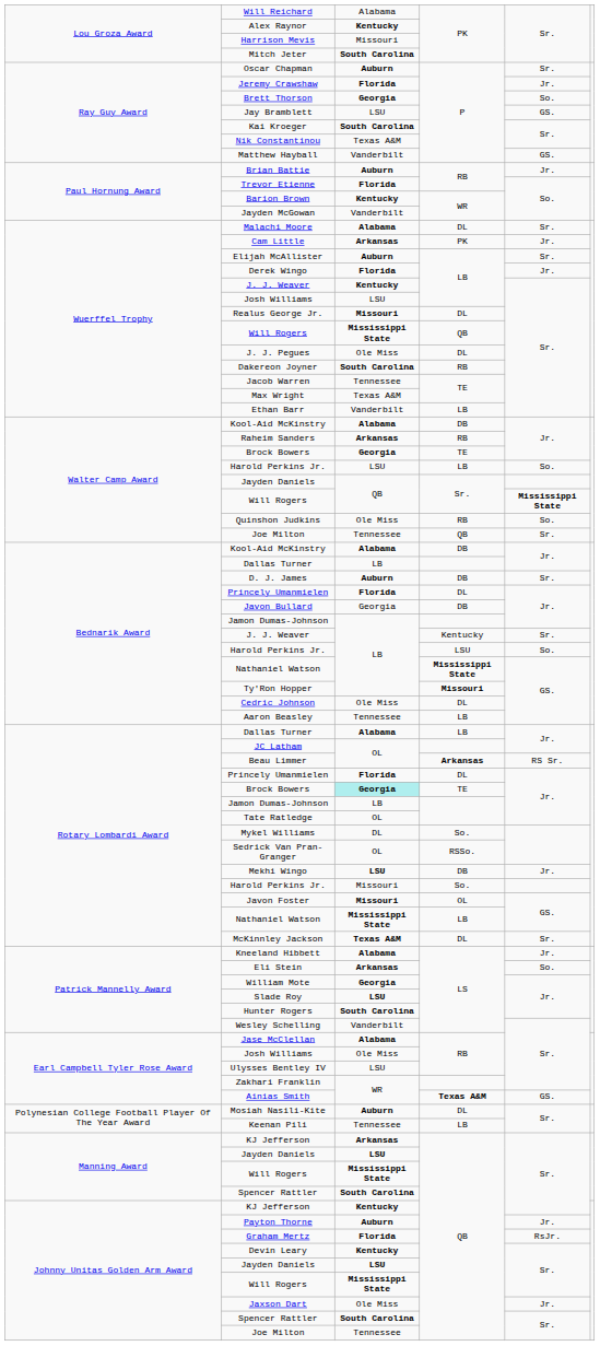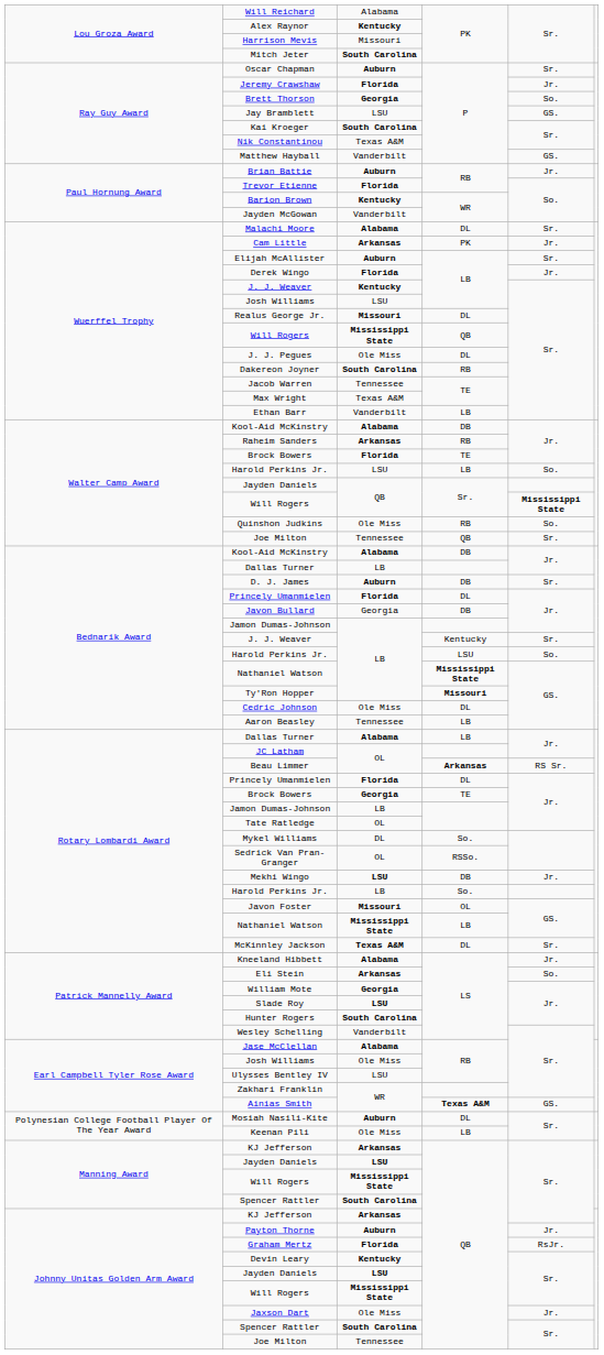 <table class="wikitable" style="text-align:center;">
 <tr>
 <td rowspan=4><a href='#'>Lou Groza Award</a></td>
 <td><a href='#'>Will Reichard</a></td>
 <td>Alabama</td>
 <td rowspan=4>PK</td>
 <td rowspan=4>Sr.</td>
 <td rowspan=4></td>
 </tr>
 <tr>
 <td>Alex Raynor</td>
 <td><strong>Kentucky</strong></td>
 </tr>
 <tr>
 <td><a href='#'>Harrison Mevis</a></td>
 <td>Missouri</td>
 </tr>
 <tr>
 <td>Mitch Jeter</td>
 <td><strong>South Carolina</strong></td>
 </tr>
 <tr>
 <td rowspan=7><a href='#'>Ray Guy Award</a></td>
 <td>Oscar Chapman</td>
 <td><strong>Auburn</strong></td>
 <td rowspan=7>P</td>
 <td>Sr.</td>
 <td rowspan=7></td>
 </tr>
 <tr>
 <td><a href='#'>Jeremy Crawshaw</a></td>
 <td><strong>Florida</strong></td>
 <td>Jr.</td>
 </tr>
 <tr>
 <td><a href='#'>Brett Thorson</a></td>
 <td><strong>Georgia</strong></td>
 <td>So.</td>
 </tr>
 <tr>
 <td>Jay Bramblett</td>
 <td>LSU</td>
 <td>GS.</td>
 </tr>
 <tr>
 <td>Kai Kroeger</td>
 <td><strong>South Carolina</strong></td>
 <td rowspan=2>Sr.</td>
 </tr>
 <tr>
 <td><a href='#'>Nik Constantinou</a></td>
 <td>Texas A&M</td>
 </tr>
 <tr>
 <td>Matthew Hayball</td>
 <td>Vanderbilt</td>
 <td>GS.</td>
 </tr>
 <tr>
 <td rowspan=4><a href='#'>Paul Hornung Award</a></td>
 <td><a href='#'>Brian Battie</a></td>
 <td><strong>Auburn</strong></td>
 <td rowspan=2>RB</td>
 <td>Jr.</td>
 <td rowspan=4></td>
 </tr>
 <tr>
 <td><a href='#'>Trevor Etienne</a></td>
 <td><strong>Florida</strong></td>
 <td rowspan=3>So.</td>
 </tr>
 <tr>
 <td><a href='#'>Barion Brown</a></td>
 <td><strong>Kentucky</strong></td>
 <td rowspan=2>WR</td>
 </tr>
 <tr>
 <td>Jayden McGowan</td>
 <td>Vanderbilt</td>
 </tr>
 <tr>
 <td rowspan=13><a href='#'>Wuerffel Trophy</a></td>
 <td><a href='#'>Malachi Moore</a></td>
 <td><strong>Alabama</strong></td>
 <td>DL</td>
 <td>Sr.</td>
 <td rowspan=13></td>
 </tr>
 <tr>
 <td><a href='#'>Cam Little</a></td>
 <td><strong>Arkansas</strong></td>
 <td>PK</td>
 <td>Jr.</td>
 </tr>
 <tr>
 <td>Elijah McAllister</td>
 <td><strong>Auburn</strong></td>
 <td rowspan=4>LB</td>
 <td>Sr.</td>
 </tr>
 <tr>
 <td>Derek Wingo</td>
 <td><strong>Florida</strong></td>
 <td>Jr.</td>
 </tr>
 <tr>
 <td><a href='#'>J. J. Weaver</a></td>
 <td><strong>Kentucky</strong></td>
 <td rowspan=9>Sr.</td>
 </tr>
 <tr>
 <td>Josh Williams</td>
 <td>LSU</td>
 </tr>
 <tr>
 <td>Realus George Jr.</td>
 <td><strong>Missouri</strong></td>
 <td>DL</td>
 </tr>
 <tr>
 <td><a href='#'>Will Rogers</a></td>
 <td><strong>Mississippi State</strong></td>
 <td>QB</td>
 </tr>
 <tr>
 <td>J. J. Pegues</td>
 <td>Ole Miss</td>
 <td>DL</td>
 </tr>
 <tr>
 <td>Dakereon Joyner</td>
 <td><strong>South Carolina</strong></td>
 <td>RB</td>
 </tr>
 <tr>
 <td>Jacob Warren</td>
 <td>Tennessee</td>
 <td rowspan=2>TE</td>
 </tr>
 <tr>
 <td>Max Wright</td>
 <td>Texas A&M</td>
 </tr>
 <tr>
 <td>Ethan Barr</td>
 <td>Vanderbilt</td>
 <td>LB</td>
 </tr>
 <tr>
 <td rowspan=8><a href='#'>Walter Camp Award</a></td>
 <td>Kool-Aid McKinstry</td>
 <td><strong>Alabama</strong></td>
 <td>DB</td>
 <td rowspan=3>Jr.</td>
 <td rowspan=8></td>
 </tr>
 <tr>
 <td>Raheim Sanders</td>
 <td><strong>Arkansas</strong></td>
 <td>RB</td>
 </tr>
 <tr>
 <td>Brock Bowers</td>
-<td><strong>Georgia</strong></td>
+<td><strong>Florida</strong></td>
 <td>TE</td>
 </tr>
 <tr>
 <td>Harold Perkins Jr.</td>
 <td>LSU</td>
 <td>LB</td>
 <td>So.</td>
 </tr>
 <tr>
 <td>Jayden Daniels</td>
 <td rowspan=2>QB</td>
 <td rowspan=2>Sr.</td>
 </tr>
 <tr>
 <td>Will Rogers</td>
 <td><strong>Mississippi State</strong></td>
 </tr>
 <tr>
 <td>Quinshon Judkins</td>
 <td>Ole Miss</td>
 <td>RB</td>
 <td>So.</td>
 </tr>
 <tr>
 <td>Joe Milton</td>
 <td>Tennessee</td>
 <td>QB</td>
 <td>Sr.</td>
 </tr>
 <tr>
 <td rowspan=12><a href='#'>Bednarik Award</a></td>
 <td>Kool-Aid McKinstry</td>
 <td><strong>Alabama</strong></td>
 <td>DB</td>
 <td rowspan=2>Jr.</td>
 <td rowspan=12></td>
 </tr>
 <tr>
 <td>Dallas Turner</td>
 <td>LB</td>
 </tr>
 <tr>
 <td>D. J. James</td>
 <td><strong>Auburn</strong></td>
 <td>DB</td>
 <td>Sr.</td>
 </tr>
 <tr>
 <td><a href='#'>Princely Umanmielen</a></td>
 <td><strong>Florida</strong></td>
 <td>DL</td>
 <td rowspan=3>Jr.</td>
 </tr>
 <tr>
 <td><a href='#'>Javon Bullard</a></td>
 <td>Georgia</td>
 <td>DB</td>
 </tr>
 <tr>
 <td>Jamon Dumas-Johnson</td>
 <td rowspan=5>LB</td>
 </tr>
 <tr>
 <td>J. J. Weaver</td>
 <td>Kentucky</td>
 <td>Sr.</td>
 </tr>
 <tr>
 <td>Harold Perkins Jr.</td>
 <td>LSU</td>
 <td>So.</td>
 </tr>
 <tr>
 <td>Nathaniel Watson</td>
 <td><strong>Mississippi State</strong></td>
 <td rowspan=4>GS.</td>
 </tr>
 <tr>
 <td>Ty'Ron Hopper</td>
 <td><strong>Missouri</strong></td>
 </tr>
 <tr>
 <td><a href='#'>Cedric Johnson</a></td>
 <td>Ole Miss</td>
 <td>DL</td>
 </tr>
 <tr>
 <td>Aaron Beasley</td>
 <td>Tennessee</td>
 <td>LB</td>
 </tr>
 <tr>
 <td rowspan=14><a href='#'>Rotary Lombardi Award</a></td>
 <td>Dallas Turner</td>
 <td><strong>Alabama</strong></td>
 <td>LB</td>
 <td rowspan=2>Jr.</td>
 <td rowspan=14></td>
 </tr>
 <tr>
 <td><a href='#'>JC Latham</a></td>
 <td rowspan=2>OL</td>
 </tr>
 <tr>
 <td>Beau Limmer</td>
 <td><strong>Arkansas</strong></td>
 <td>RS Sr.</td>
 </tr>
 <tr>
 <td>Princely Umanmielen</td>
 <td><strong>Florida</strong></td>
 <td>DL</td>
 <td rowspan=4>Jr.</td>
 </tr>
 <tr>
 <td>Brock Bowers</td>
-<td style="background: paleturquoise;"><strong>Georgia</strong></td>
+<td><strong>Georgia</strong></td>
 <td>TE</td>
 </tr>
 <tr>
 <td>Jamon Dumas-Johnson</td>
 <td>LB</td>
 </tr>
 <tr>
 <td>Tate Ratledge</td>
 <td>OL</td>
 </tr>
 <tr>
 <td>Mykel Williams</td>
 <td>DL</td>
 <td>So.</td>
 </tr>
 <tr>
 <td>Sedrick Van Pran-Granger</td>
 <td>OL</td>
 <td>RSSo.</td>
 </tr>
 <tr>
 <td>Mekhi Wingo</td>
 <td><strong>LSU</strong></td>
 <td>DB</td>
 <td>Jr.</td>
 </tr>
 <tr>
 <td>Harold Perkins Jr.</td>
-<td>Missouri</td>
+<td>LB</td>
 <td>So.</td>
 </tr>
 <tr>
 <td>Javon Foster</td>
 <td><strong>Missouri</strong></td>
 <td>OL</td>
 <td rowspan=2>GS.</td>
 </tr>
 <tr>
 <td>Nathaniel Watson</td>
 <td><strong>Mississippi State</strong></td>
 <td>LB</td>
 </tr>
 <tr>
 <td>McKinnley Jackson</td>
 <td><strong>Texas A&M</strong></td>
 <td>DL</td>
 <td>Sr.</td>
 </tr>
 <tr>
 <td rowspan=6><a href='#'>Patrick Mannelly Award</a></td>
 <td>Kneeland Hibbett</td>
 <td><strong>Alabama</strong></td>
 <td rowspan=6>LS</td>
 <td>Jr.</td>
 <td rowspan=6></td>
 </tr>
 <tr>
 <td>Eli Stein</td>
 <td><strong>Arkansas</strong></td>
 <td>So.</td>
 </tr>
 <tr>
 <td>William Mote</td>
 <td><strong>Georgia</strong></td>
 <td rowspan=3>Jr.</td>
 </tr>
 <tr>
 <td>Slade Roy</td>
 <td><strong>LSU</strong></td>
 </tr>
 <tr>
 <td>Hunter Rogers</td>
 <td><strong>South Carolina</strong></td>
 </tr>
 <tr>
 <td>Wesley Schelling</td>
 <td>Vanderbilt</td>
 <td rowspan=5>Sr.</td>
 </tr>
 <tr>
 <td rowspan=5><a href='#'>Earl Campbell Tyler Rose Award</a></td>
 <td><a href='#'>Jase McClellan</a></td>
 <td><strong>Alabama</strong></td>
 <td rowspan=3>RB</td>
 <td rowspan=5></td>
 </tr>
 <tr>
 <td>Josh Williams</td>
 <td>Ole Miss</td>
 </tr>
 <tr>
 <td>Ulysses Bentley IV</td>
 <td>LSU</td>
 </tr>
 <tr>
 <td>Zakhari Franklin</td>
 <td rowspan=2>WR</td>
 </tr>
 <tr>
 <td><a href='#'>Ainias Smith</a></td>
 <td><strong>Texas A&M</strong></td>
 <td>GS.</td>
 </tr>
 <tr>
 <td rowspan=2>Polynesian College Football Player Of The Year Award</td>
 <td>Mosiah Nasili-Kite</td>
 <td><strong>Auburn</strong></td>
 <td>DL</td>
 <td rowspan=2> Sr.</td>
 <td rowspan=2></td>
 </tr>
 <tr>
 <td>Keenan Pili</td>
-<td>Tennessee</td>
+<td>Ole Miss</td>
 <td>LB</td>
 </tr>
 <tr>
 <td rowspan=4><a href='#'>Manning Award</a></td>
 <td>KJ Jefferson</td>
 <td><strong>Arkansas</strong></td>
 <td rowspan=13>QB</td>
 <td rowspan=5>Sr.</td>
 <td rowspan=4></td>
 </tr>
 <tr>
 <td>Jayden Daniels</td>
 <td><strong>LSU</strong></td>
 </tr>
 <tr>
 <td>Will Rogers</td>
 <td><strong>Mississippi State</strong></td>
 </tr>
 <tr>
 <td>Spencer Rattler</td>
 <td><strong>South Carolina</strong></td>
 </tr>
 <tr>
 <td rowspan=9><a href='#'>Johnny Unitas Golden Arm Award</a></td>
 <td>KJ Jefferson</td>
-<td><strong>Kentucky</strong></td>
+<td><strong>Arkansas</strong></td>
 <td rowspan=9></td>
 </tr>
 <tr>
 <td><a href='#'>Payton Thorne</a></td>
 <td><strong>Auburn</strong></td>
 <td>Jr.</td>
 </tr>
 <tr>
 <td><a href='#'>Graham Mertz</a></td>
 <td><strong>Florida</strong></td>
 <td>RsJr.</td>
 </tr>
 <tr>
 <td>Devin Leary</td>
 <td><strong>Kentucky</strong></td>
 <td rowspan=3>Sr.</td>
 </tr>
 <tr>
 <td>Jayden Daniels</td>
 <td><strong>LSU</strong></td>
 </tr>
 <tr>
 <td>Will Rogers</td>
 <td><strong>Mississippi State</strong></td>
 </tr>
 <tr>
 <td><a href='#'>Jaxson Dart</a></td>
 <td>Ole Miss</td>
 <td>Jr.</td>
 </tr>
 <tr>
 <td>Spencer Rattler</td>
 <td><strong>South Carolina</strong></td>
 <td rowspan=2>Sr.</td>
 </tr>
 <tr>
 <td>Joe Milton</td>
 <td>Tennessee</td>
 </tr>
 </table>
